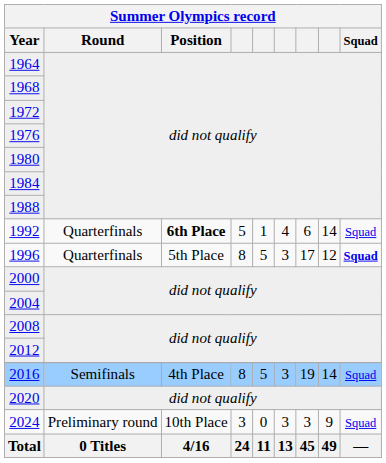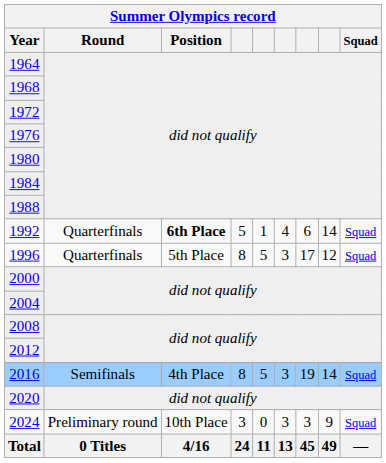 <table class="wikitable" style="text-align: center;">
 <tr>
 <th colspan=9><a href='#'>Summer Olympics record</a></th>
 </tr>
 <tr>
 <th>Year</th>
 <th>Round</th>
 <th>Position</th>
 <th></th>
 <th></th>
 <th></th>
 <th></th>
 <th></th>
 <th><small>Squad</small></th>
 </tr>
 <tr bgcolor="efefef">
 <td> <a href='#'>1964</a></td>
 <td colspan=8 rowspan=7 align=center><em>did not qualify</em></td>
 </tr>
 <tr bgcolor="efefef">
 <td> <a href='#'>1968</a></td>
 </tr>
 <tr bgcolor="efefef">
 <td> <a href='#'>1972</a></td>
 </tr>
 <tr bgcolor="efefef">
 <td> <a href='#'>1976</a></td>
 </tr>
 <tr bgcolor="efefef">
 <td> <a href='#'>1980</a></td>
 </tr>
 <tr bgcolor="efefef">
 <td> <a href='#'>1984</a></td>
 </tr>
 <tr bgcolor="efefef">
 <td> <a href='#'>1988</a></td>
 </tr>
 <tr>
 <td> <a href='#'>1992</a></td>
 <td>Quarterfinals</td>
 <td><strong>6th Place</strong></td>
 <td>5</td>
 <td>1</td>
 <td>4</td>
 <td>6</td>
 <td>14</td>
 <td><small><a href='#'>Squad</a></small></td>
 </tr>
 <tr>
 <td> <a href='#'>1996</a></td>
 <td>Quarterfinals</td>
 <td>5th Place</td>
 <td>8</td>
 <td>5</td>
 <td>3</td>
 <td>17</td>
 <td>12</td>
-<td><strong><small><a href='#'>Squad</a></small></strong></td>
+<td><small><a href='#'>Squad</a></small></td>
 </tr>
 <tr bgcolor="efefef">
 <td> <a href='#'>2000</a></td>
 <td colspan=8 rowspan=2 align=center><em>did not qualify</em></td>
 </tr>
 <tr bgcolor="efefef">
 <td> <a href='#'>2004</a></td>
 </tr>
 <tr bgcolor="efefef">
 <td> <a href='#'>2008</a></td>
 <td colspan=8 rowspan=2 align=center><em>did not qualify</em></td>
 </tr>
 <tr bgcolor="efefef">
 <td> <a href='#'>2012</a></td>
 </tr>
 <tr>
 </tr>
 <tr bgcolor=#9acdff>
 <td> <a href='#'>2016</a></td>
 <td>Semifinals</td>
 <td>4th Place</td>
 <td>8</td>
 <td>5</td>
 <td>3</td>
 <td>19</td>
 <td>14</td>
 <td><small><a href='#'>Squad</a></small></td>
 </tr>
 <tr bgcolor="efefef">
 <td> <a href='#'>2020</a></td>
 <td colspan=8><em>did not qualify</em></td>
 </tr>
 <tr>
 <td> <a href='#'>2024</a></td>
 <td>Preliminary round</td>
 <td>10th Place</td>
 <td>3</td>
 <td>0</td>
 <td>3</td>
 <td>3</td>
 <td>9</td>
 <td><small><a href='#'>Squad</a></small></td>
 </tr>
 <tr>
 <th>Total</th>
 <th>0 Titles</th>
 <th>4/16</th>
 <th>24</th>
 <th>11</th>
 <th>13</th>
 <th>45</th>
 <th>49</th>
 <th>—</th>
 </tr>
 </table>
